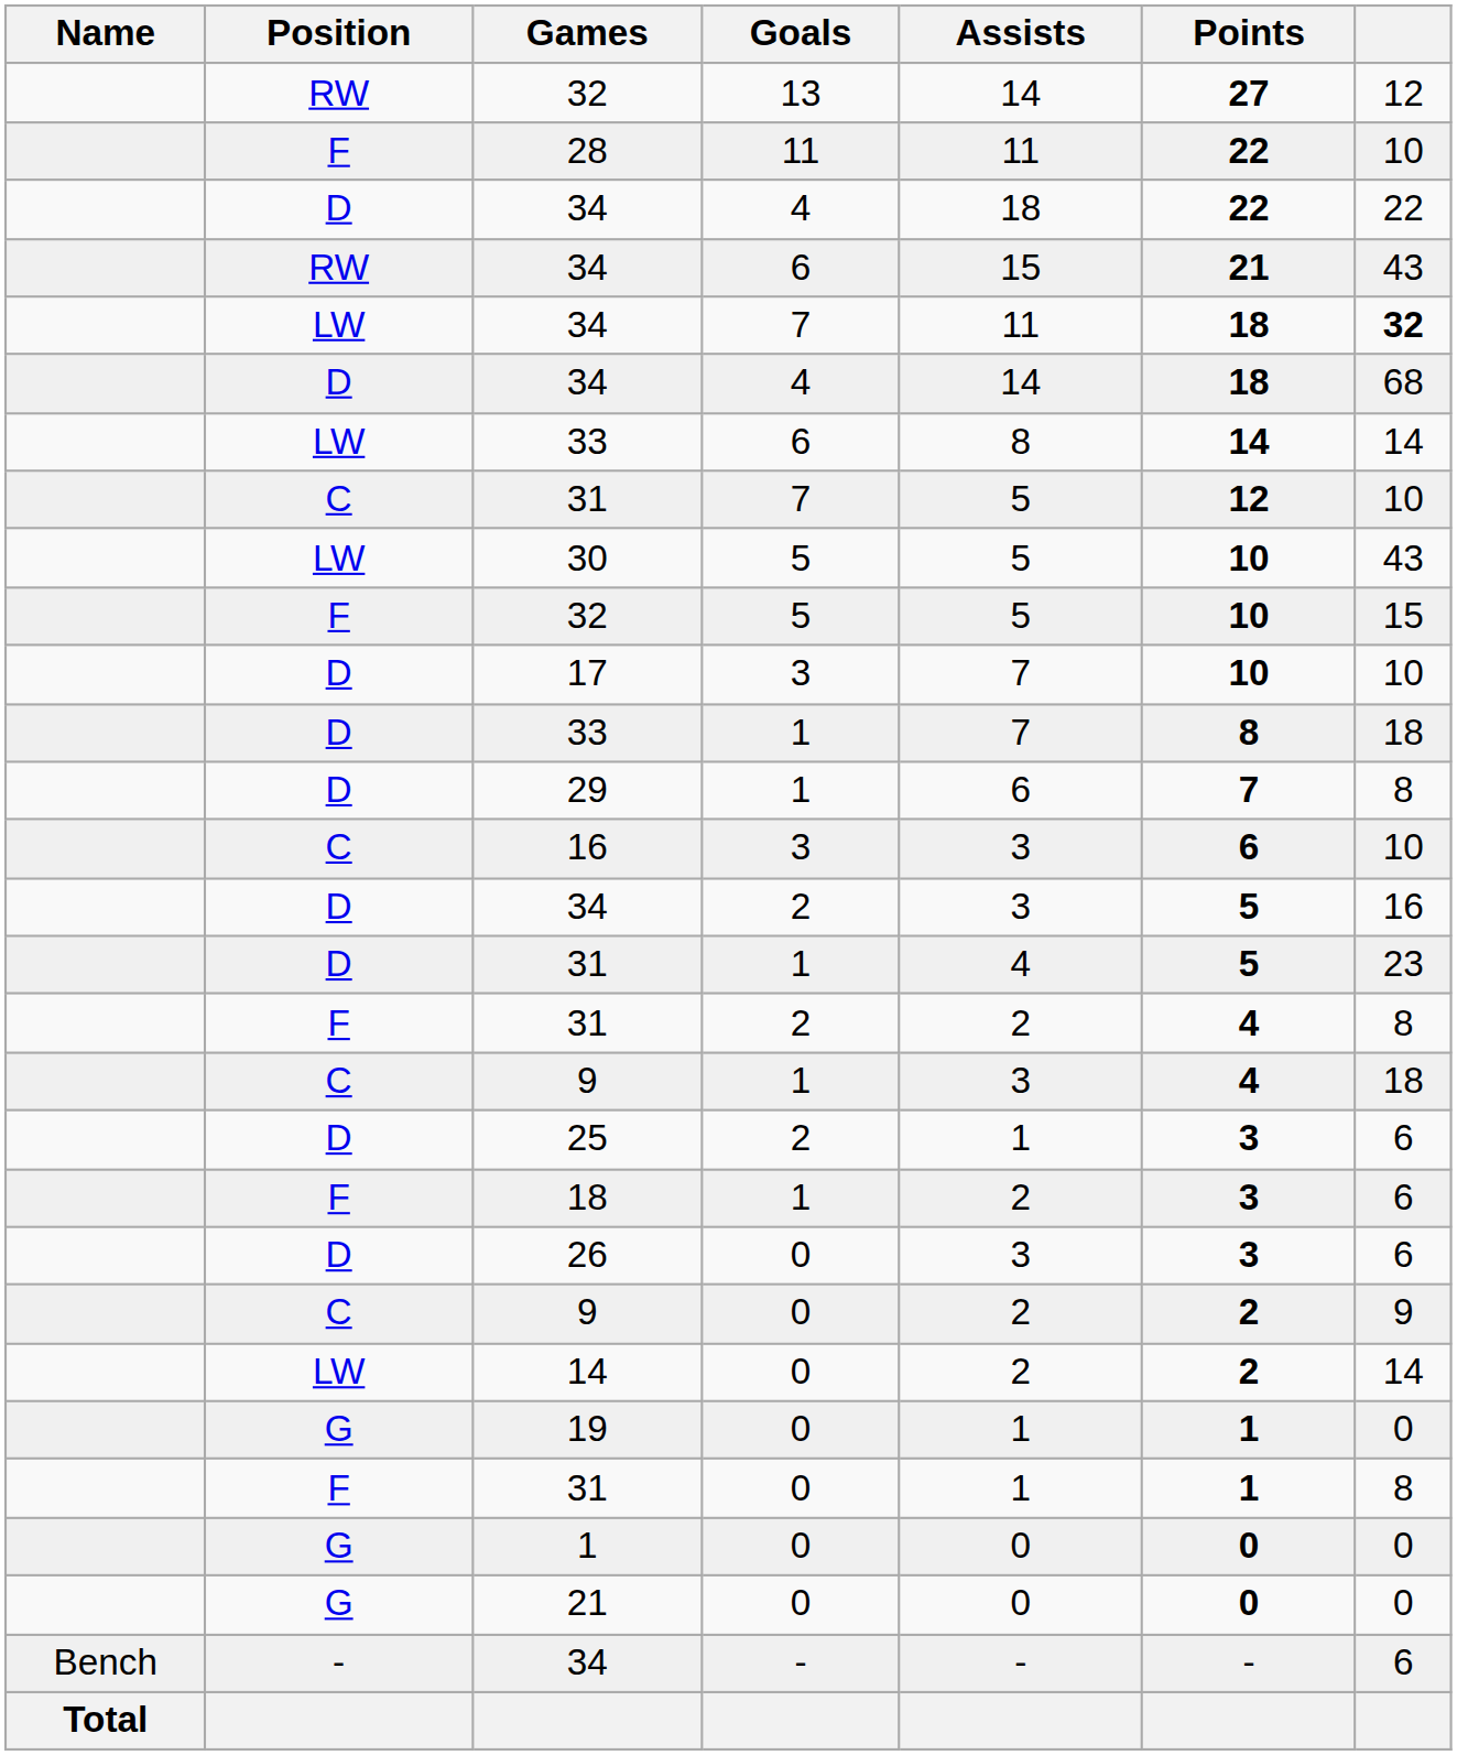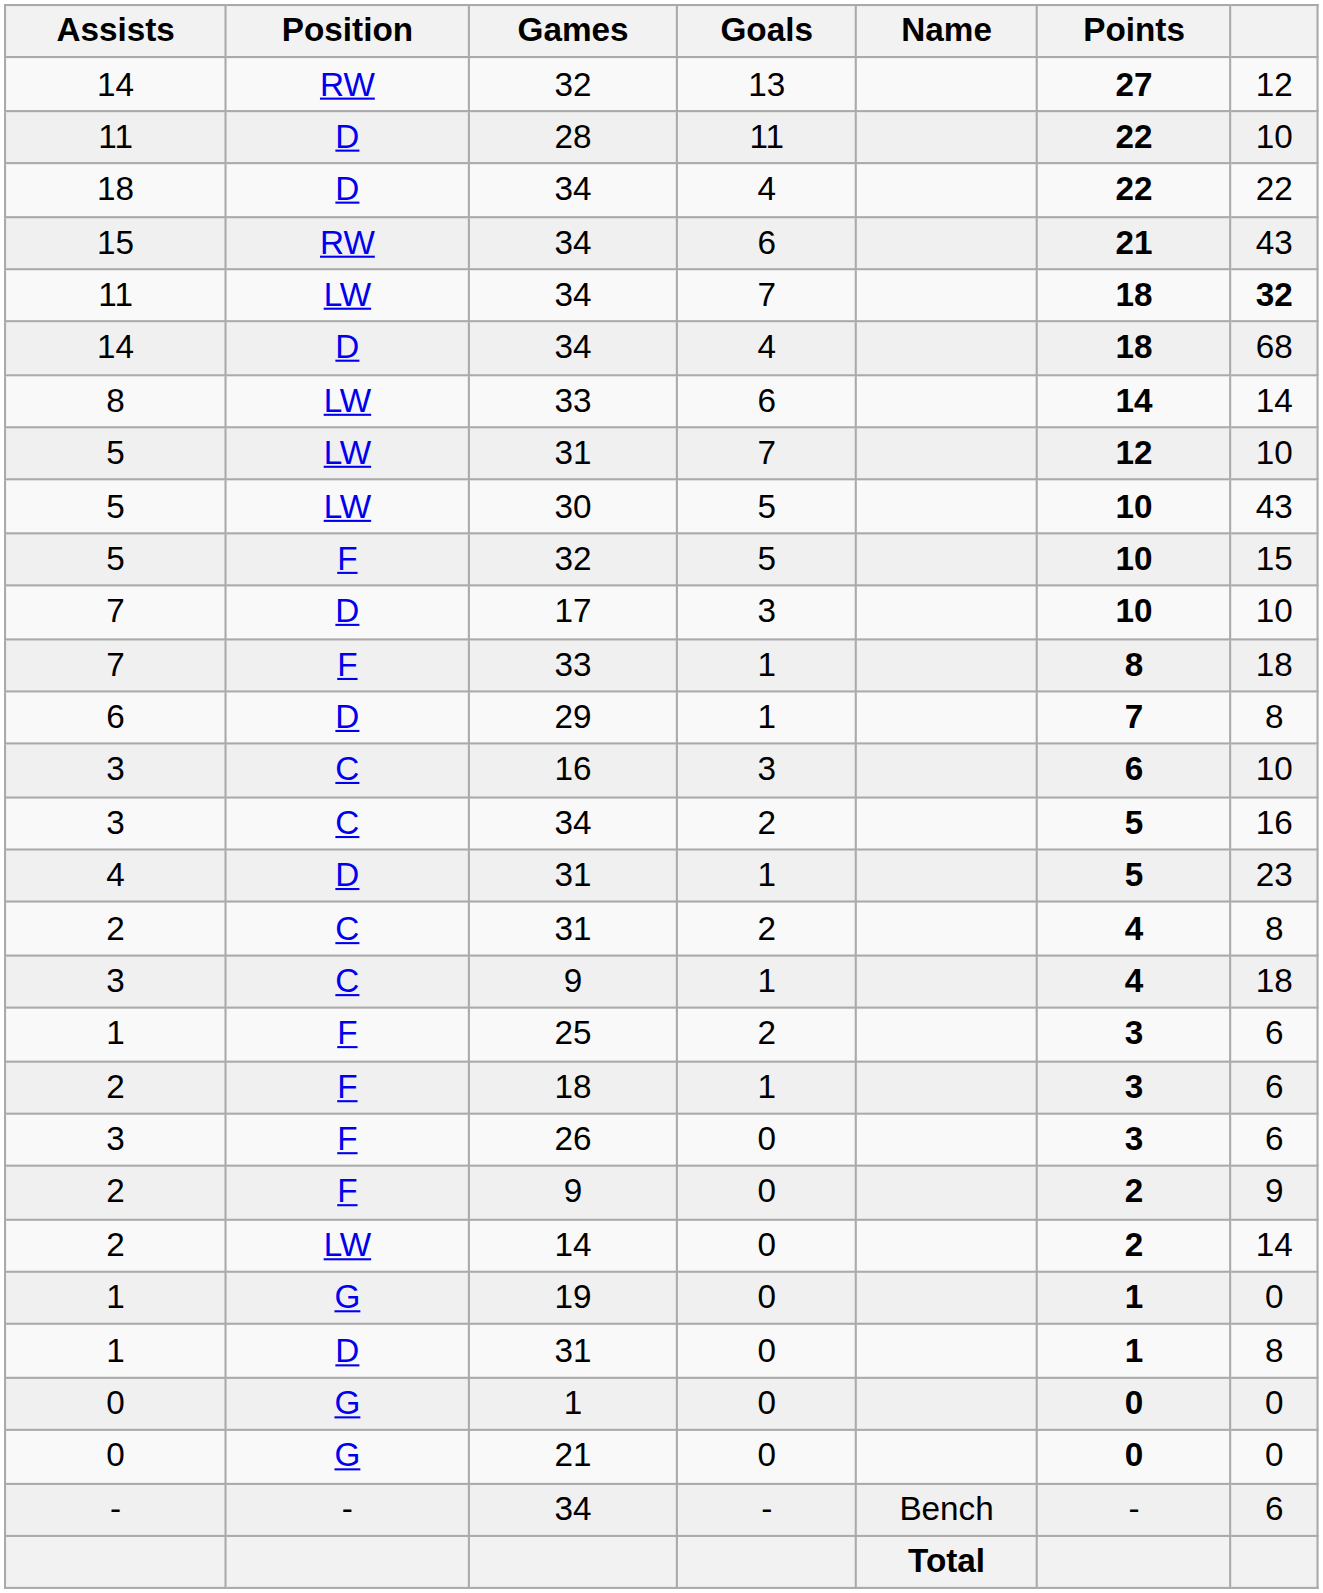 <table class="wikitable sortable" width ="50%">
 <tr align="center">
-<th>Name</th>
+<th>Assists</th>
 <th>Position</th>
 <th>Games</th>
 <th>Goals</th>
-<th>Assists</th>
+<th>Name</th>
 <th>Points</th>
 <th><a href='#'></a></th>
 </tr>
 <tr align="center" bgcolor="">
-<td></td>
+<td>14</td>
 <td><a href='#'>RW</a></td>
 <td>32</td>
 <td>13</td>
-<td>14</td>
+<td></td>
 <td><strong>27</strong></td>
 <td>12</td>
 </tr>
 <tr align="center" bgcolor="f0f0f0">
-<td></td>
-<td><a href='#'>F</a></td>
+<td>11</td>
+<td><a href='#'>D</a></td>
 <td>28</td>
 <td>11</td>
-<td>11</td>
+<td></td>
 <td><strong>22</strong></td>
 <td>10</td>
 </tr>
 <tr align="center" bgcolor="">
-<td></td>
+<td>18</td>
 <td><a href='#'>D</a></td>
 <td>34</td>
 <td>4</td>
-<td>18</td>
+<td></td>
 <td><strong>22</strong></td>
 <td>22</td>
 </tr>
 <tr align="center" bgcolor="f0f0f0">
-<td></td>
+<td>15</td>
 <td><a href='#'>RW</a></td>
 <td>34</td>
 <td>6</td>
-<td>15</td>
+<td></td>
 <td><strong>21</strong></td>
 <td>43</td>
 </tr>
 <tr align="center" bgcolor="">
-<td></td>
+<td>11</td>
 <td><a href='#'>LW</a></td>
 <td>34</td>
 <td>7</td>
-<td>11</td>
+<td></td>
 <td><strong>18</strong></td>
 <td><strong>32</strong></td>
 </tr>
 <tr align="center" bgcolor="f0f0f0">
-<td></td>
+<td>14</td>
 <td><a href='#'>D</a></td>
 <td>34</td>
 <td>4</td>
-<td>14</td>
+<td></td>
 <td><strong>18</strong></td>
 <td>68</td>
 </tr>
 <tr align="center" bgcolor="">
-<td></td>
+<td>8</td>
 <td><a href='#'>LW</a></td>
 <td>33</td>
 <td>6</td>
-<td>8</td>
+<td></td>
 <td><strong>14</strong></td>
 <td>14</td>
 </tr>
 <tr align="center" bgcolor="f0f0f0">
-<td></td>
-<td><a href='#'>C</a></td>
+<td>5</td>
+<td><a href='#'>LW</a></td>
 <td>31</td>
 <td>7</td>
-<td>5</td>
+<td></td>
 <td><strong>12</strong></td>
 <td>10</td>
 </tr>
 <tr align="center" bgcolor="">
-<td></td>
+<td>5</td>
 <td><a href='#'>LW</a></td>
 <td>30</td>
 <td>5</td>
-<td>5</td>
+<td></td>
 <td><strong>10</strong></td>
 <td>43</td>
 </tr>
 <tr align="center" bgcolor="f0f0f0">
-<td></td>
+<td>5</td>
 <td><a href='#'>F</a></td>
 <td>32</td>
 <td>5</td>
-<td>5</td>
+<td></td>
 <td><strong>10</strong></td>
 <td>15</td>
 </tr>
 <tr align="center" bgcolor="">
-<td></td>
+<td>7</td>
 <td><a href='#'>D</a></td>
 <td>17</td>
 <td>3</td>
-<td>7</td>
+<td></td>
 <td><strong>10</strong></td>
 <td>10</td>
 </tr>
 <tr align="center" bgcolor="f0f0f0">
-<td></td>
-<td><a href='#'>D</a></td>
+<td>7</td>
+<td><a href='#'>F</a></td>
 <td>33</td>
 <td>1</td>
-<td>7</td>
+<td></td>
 <td><strong>8</strong></td>
 <td>18</td>
 </tr>
 <tr align="center" bgcolor="">
-<td></td>
+<td>6</td>
 <td><a href='#'>D</a></td>
 <td>29</td>
 <td>1</td>
-<td>6</td>
+<td></td>
 <td><strong>7</strong></td>
 <td>8</td>
 </tr>
 <tr align="center" bgcolor="f0f0f0">
-<td></td>
+<td>3</td>
 <td><a href='#'>C</a></td>
 <td>16</td>
 <td>3</td>
-<td>3</td>
+<td></td>
 <td><strong>6</strong></td>
 <td>10</td>
 </tr>
 <tr align="center" bgcolor="">
-<td></td>
-<td><a href='#'>D</a></td>
+<td>3</td>
+<td><a href='#'>C</a></td>
 <td>34</td>
 <td>2</td>
-<td>3</td>
+<td></td>
 <td><strong>5</strong></td>
 <td>16</td>
 </tr>
 <tr align="center" bgcolor="f0f0f0">
-<td></td>
+<td>4</td>
 <td><a href='#'>D</a></td>
 <td>31</td>
 <td>1</td>
-<td>4</td>
+<td></td>
 <td><strong>5</strong></td>
 <td>23</td>
 </tr>
 <tr align="center" bgcolor="">
-<td></td>
-<td><a href='#'>F</a></td>
+<td>2</td>
+<td><a href='#'>C</a></td>
 <td>31</td>
 <td>2</td>
-<td>2</td>
+<td></td>
 <td><strong>4</strong></td>
 <td>8</td>
 </tr>
 <tr align="center" bgcolor="f0f0f0">
-<td></td>
+<td>3</td>
 <td><a href='#'>C</a></td>
 <td>9</td>
 <td>1</td>
-<td>3</td>
+<td></td>
 <td><strong>4</strong></td>
 <td>18</td>
 </tr>
 <tr align="center" bgcolor="">
-<td></td>
-<td><a href='#'>D</a></td>
+<td>1</td>
+<td><a href='#'>F</a></td>
 <td>25</td>
 <td>2</td>
-<td>1</td>
+<td></td>
 <td><strong>3</strong></td>
 <td>6</td>
 </tr>
 <tr align="center" bgcolor="f0f0f0">
-<td></td>
+<td>2</td>
 <td><a href='#'>F</a></td>
 <td>18</td>
 <td>1</td>
-<td>2</td>
+<td></td>
 <td><strong>3</strong></td>
 <td>6</td>
 </tr>
 <tr align="center" bgcolor="">
-<td></td>
-<td><a href='#'>D</a></td>
+<td>3</td>
+<td><a href='#'>F</a></td>
 <td>26</td>
 <td>0</td>
-<td>3</td>
+<td></td>
 <td><strong>3</strong></td>
 <td>6</td>
 </tr>
 <tr align="center" bgcolor="f0f0f0">
-<td></td>
-<td><a href='#'>C</a></td>
+<td>2</td>
+<td><a href='#'>F</a></td>
 <td>9</td>
 <td>0</td>
-<td>2</td>
+<td></td>
 <td><strong>2</strong></td>
 <td>9</td>
 </tr>
 <tr align="center" bgcolor="">
-<td></td>
+<td>2</td>
 <td><a href='#'>LW</a></td>
 <td>14</td>
 <td>0</td>
-<td>2</td>
+<td></td>
 <td><strong>2</strong></td>
 <td>14</td>
 </tr>
 <tr align="center" bgcolor="f0f0f0">
-<td></td>
+<td>1</td>
 <td><a href='#'>G</a></td>
 <td>19</td>
 <td>0</td>
-<td>1</td>
+<td></td>
 <td><strong>1</strong></td>
 <td>0</td>
 </tr>
 <tr align="center" bgcolor="">
-<td></td>
-<td><a href='#'>F</a></td>
+<td>1</td>
+<td><a href='#'>D</a></td>
 <td>31</td>
 <td>0</td>
-<td>1</td>
+<td></td>
 <td><strong>1</strong></td>
 <td>8</td>
 </tr>
 <tr align="center" bgcolor="f0f0f0">
-<td></td>
+<td>0</td>
 <td><a href='#'>G</a></td>
 <td>1</td>
 <td>0</td>
-<td>0</td>
+<td></td>
 <td><strong>0</strong></td>
 <td>0</td>
 </tr>
 <tr align="center" bgcolor="">
-<td></td>
+<td>0</td>
 <td><a href='#'>G</a></td>
 <td>21</td>
 <td>0</td>
-<td>0</td>
+<td></td>
 <td><strong>0</strong></td>
 <td>0</td>
 </tr>
 <tr align="center" bgcolor="f0f0f0">
-<td>Bench</td>
+<td>-</td>
 <td>-</td>
 <td>34</td>
 <td>-</td>
-<td>-</td>
+<td>Bench</td>
 <td>-</td>
 <td>6</td>
 </tr>
 <tr>
-<th>Total</th>
 <th></th>
 <th></th>
 <th></th>
 <th></th>
+<th>Total</th>
 <th></th>
 <th></th>
 </tr>
 </table>
